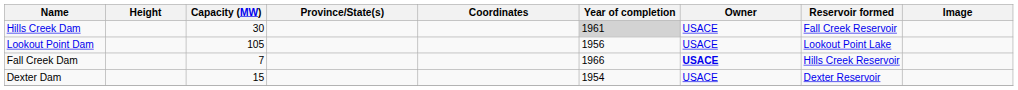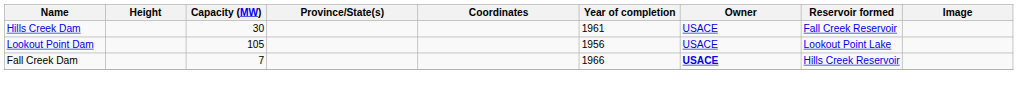 <table class="wikitable sortable" border="1">
 <tr>
 <th width="10%">Name</th>
 <th width="8%">Height</th>
 <th width="8%">Capacity (<a href='#'>MW</a>)</th>
 <th width="15%">Province/State(s)</th>
 <th width="16%">Coordinates</th>
 <th width="10%">Year of completion</th>
 <th width="12%">Owner</th>
 <th width="10%">Reservoir formed</th>
 <th>Image</th>
 </tr>
 <tr>
 <td><a href='#'>Hills Creek Dam</a></td>
 <td></td>
 <td align="right">30</td>
 <td></td>
 <td></td>
-<td style="background: lightgrey;">1961</td>
+<td>1961</td>
 <td><a href='#'>USACE</a></td>
 <td><a href='#'>Fall Creek Reservoir</a></td>
 <td></td>
 </tr>
 <tr>
 <td><a href='#'>Lookout Point Dam</a></td>
 <td></td>
 <td align=right>105</td>
 <td></td>
 <td></td>
 <td>1956</td>
 <td><a href='#'>USACE</a></td>
 <td><a href='#'>Lookout Point Lake</a></td>
 <td></td>
 </tr>
 <tr>
 <td>Fall Creek Dam</td>
 <td></td>
 <td align="right">7</td>
 <td></td>
 <td></td>
 <td>1966</td>
 <td><strong><a href='#'>USACE</a></strong></td>
 <td><a href='#'>Hills Creek Reservoir</a></td>
 <td></td>
 </tr>
 <tr>
-<td>Dexter Dam</td>
-<td></td>
-<td align="right">15</td>
-<td></td>
-<td></td>
-<td>1954</td>
-<td><a href='#'>USACE</a></td>
-<td><a href='#'>Dexter Reservoir</a></td>
-<td></td>
-</tr>
-<tr>
 </tr>
 </table>
